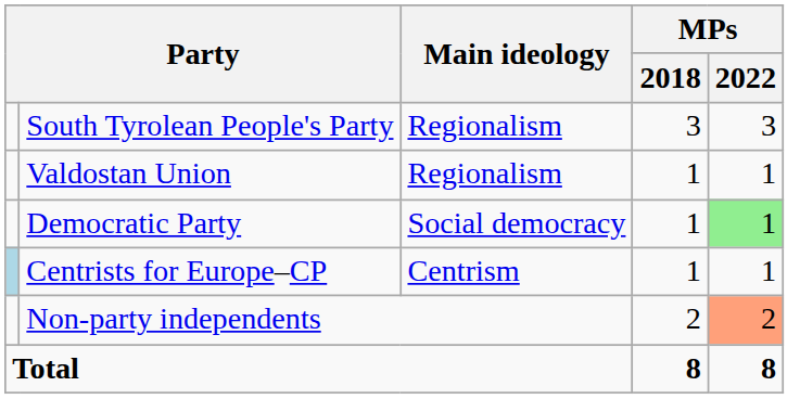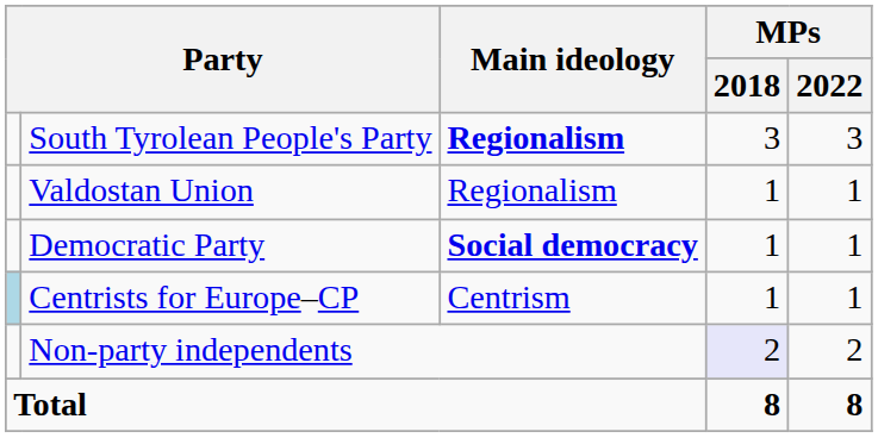 <table class="wikitable" style="font-size:100%">
 <tr>
 <th rowspan=2 colspan=2>Party</th>
 <th rowspan=2>Main ideology</th>
 <th colspan=2>MPs</th>
 </tr>
 <tr>
 <th>2018</th>
 <th>2022</th>
 </tr>
 <tr>
 <td></td>
 <td><a href='#'>South Tyrolean People's Party</a></td>
-<td><a href='#'>Regionalism</a></td>
+<td><strong><a href='#'>Regionalism</a></strong></td>
 <td align=right>3</td>
 <td align=right>3</td>
 </tr>
 <tr>
 <td></td>
 <td><a href='#'>Valdostan Union</a></td>
 <td><a href='#'>Regionalism</a></td>
 <td align=right>1</td>
 <td align=right>1</td>
 </tr>
 <tr>
 <td></td>
 <td><a href='#'>Democratic Party</a></td>
-<td><a href='#'>Social democracy</a></td>
+<td><strong><a href='#'>Social democracy</a></strong></td>
 <td align=right>1</td>
-<td align=right style="background: lightgreen;">1</td>
+<td align=right>1</td>
 </tr>
 <tr>
 <td bgcolor="lightblue"></td>
 <td><a href='#'>Centrists for Europe</a>–<a href='#'>CP</a></td>
 <td><a href='#'>Centrism</a></td>
 <td align=right>1</td>
 <td align=right>1</td>
 </tr>
 <tr>
 <td></td>
 <td colspan=2><a href='#'>Non-party independents</a></td>
+<td align=right style="background: lavender;">2</td>
 <td align=right>2</td>
-<td align=right style="background: lightsalmon;">2</td>
 </tr>
 <tr>
 <td colspan=3><strong>Total</strong></td>
 <td align=right><strong>8</strong></td>
 <td align=right><strong>8</strong></td>
 </tr>
 </table>
